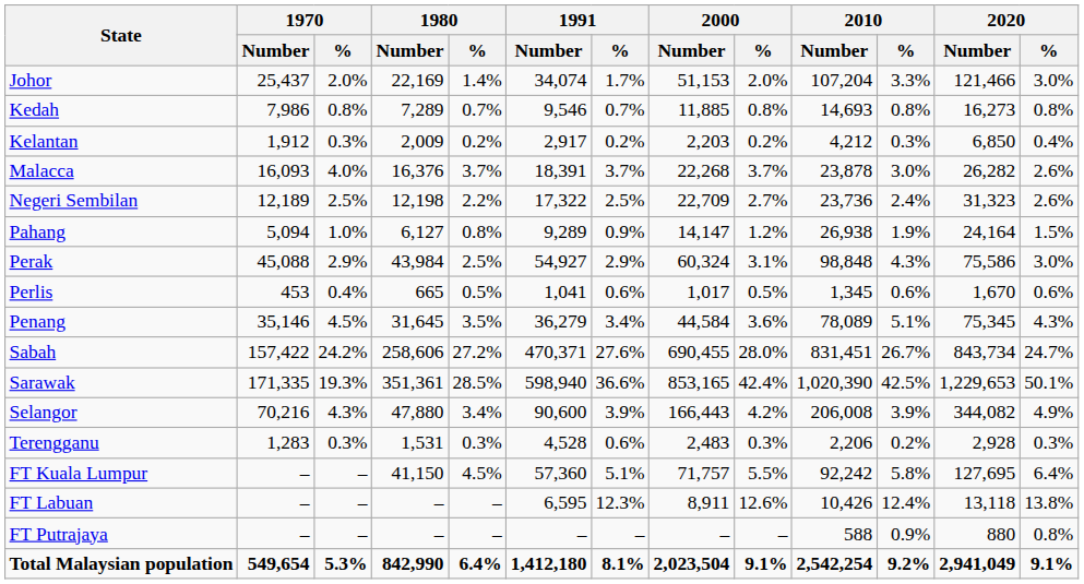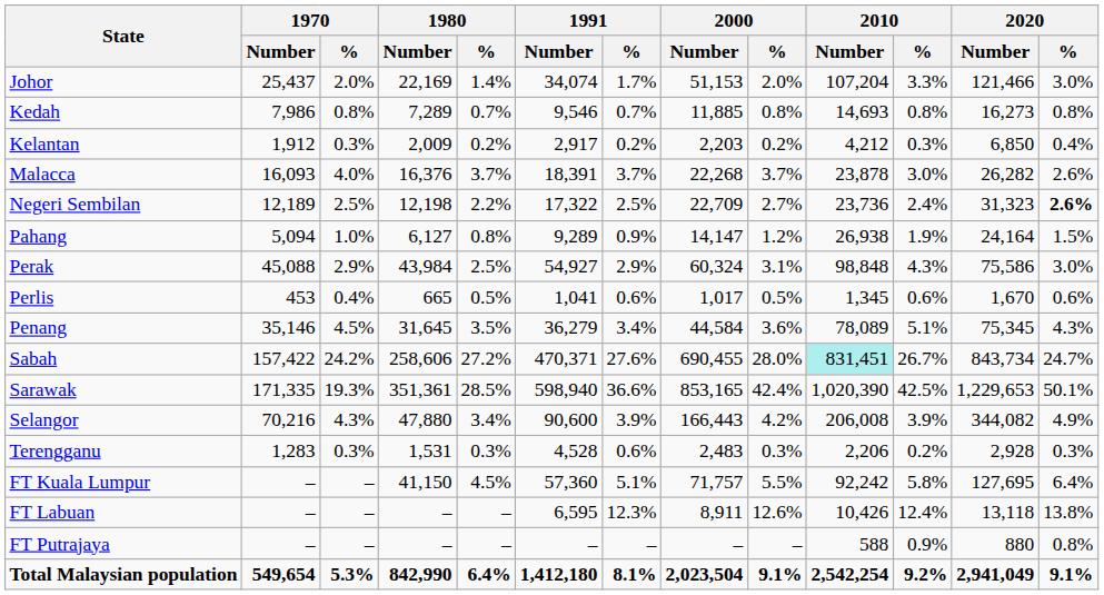 <table class="wikitable sortable">
 <tr>
 <th rowspan="2">State</th>
 <th colspan="2">1970</th>
 <th colspan="2">1980</th>
 <th colspan="2">1991</th>
 <th colspan="2">2000</th>
 <th colspan="2">2010</th>
 <th colspan="2">2020</th>
 </tr>
 <tr>
 <th>Number</th>
 <th>%</th>
 <th>Number</th>
 <th>%</th>
 <th>Number</th>
 <th>%</th>
 <th>Number</th>
 <th>%</th>
 <th>Number</th>
 <th>%</th>
 <th>Number</th>
 <th>%</th>
 </tr>
 <tr>
 <td><a href='#'>Johor</a></td>
 <td align="right">25,437</td>
 <td align=right>2.0%</td>
 <td align=right>22,169</td>
 <td align=right>1.4%</td>
 <td align=right>34,074</td>
 <td align=right>1.7%</td>
 <td align=right>51,153</td>
 <td align=right>2.0%</td>
 <td align=right>107,204</td>
 <td align=right>3.3%</td>
 <td align=right>121,466</td>
 <td align=right>3.0%</td>
 </tr>
 <tr>
 <td><a href='#'>Kedah</a></td>
 <td align="right">7,986</td>
 <td align=right>0.8%</td>
 <td align=right>7,289</td>
 <td align=right>0.7%</td>
 <td align=right>9,546</td>
 <td align=right>0.7%</td>
 <td align=right>11,885</td>
 <td align=right>0.8%</td>
 <td align=right>14,693</td>
 <td align=right>0.8%</td>
 <td align=right>16,273</td>
 <td align=right>0.8%</td>
 </tr>
 <tr>
 <td><a href='#'>Kelantan</a></td>
 <td align="right">1,912</td>
 <td align=right>0.3%</td>
 <td align=right>2,009</td>
 <td align=right>0.2%</td>
 <td align=right>2,917</td>
 <td align=right>0.2%</td>
 <td align=right>2,203</td>
 <td align=right>0.2%</td>
 <td align=right>4,212</td>
 <td align=right>0.3%</td>
 <td align=right>6,850</td>
 <td align=right>0.4%</td>
 </tr>
 <tr>
 <td><a href='#'>Malacca</a></td>
 <td align="right">16,093</td>
 <td align=right>4.0%</td>
 <td align=right>16,376</td>
 <td align=right>3.7%</td>
 <td align=right>18,391</td>
 <td align=right>3.7%</td>
 <td align=right>22,268</td>
 <td align=right>3.7%</td>
 <td align=right>23,878</td>
 <td align=right>3.0%</td>
 <td align=right>26,282</td>
 <td align=right>2.6%</td>
 </tr>
 <tr>
 <td><a href='#'>Negeri Sembilan</a></td>
 <td align="right">12,189</td>
 <td align=right>2.5%</td>
 <td align=right>12,198</td>
 <td align=right>2.2%</td>
 <td align=right>17,322</td>
 <td align=right>2.5%</td>
 <td align=right>22,709</td>
 <td align=right>2.7%</td>
 <td align=right>23,736</td>
 <td align=right>2.4%</td>
 <td align=right>31,323</td>
-<td align=right>2.6%</td>
+<td align=right><strong>2.6%</strong></td>
 </tr>
 <tr>
 <td><a href='#'>Pahang</a></td>
 <td align="right">5,094</td>
 <td align=right>1.0%</td>
 <td align=right>6,127</td>
 <td align=right>0.8%</td>
 <td align=right>9,289</td>
 <td align=right>0.9%</td>
 <td align=right>14,147</td>
 <td align=right>1.2%</td>
 <td align=right>26,938</td>
 <td align=right>1.9%</td>
 <td align=right>24,164</td>
 <td align=right>1.5%</td>
 </tr>
 <tr>
 <td><a href='#'>Perak</a></td>
 <td align="right">45,088</td>
 <td align=right>2.9%</td>
 <td align=right>43,984</td>
 <td align=right>2.5%</td>
 <td align=right>54,927</td>
 <td align=right>2.9%</td>
 <td align=right>60,324</td>
 <td align=right>3.1%</td>
 <td align=right>98,848</td>
 <td align=right>4.3%</td>
 <td align=right>75,586</td>
 <td align=right>3.0%</td>
 </tr>
 <tr>
 <td><a href='#'>Perlis</a></td>
 <td align="right">453</td>
 <td align=right>0.4%</td>
 <td align=right>665</td>
 <td align=right>0.5%</td>
 <td align=right>1,041</td>
 <td align=right>0.6%</td>
 <td align=right>1,017</td>
 <td align=right>0.5%</td>
 <td align=right>1,345</td>
 <td align=right>0.6%</td>
 <td align=right>1,670</td>
 <td align=right>0.6%</td>
 </tr>
 <tr>
 <td><a href='#'>Penang</a></td>
 <td align="right">35,146</td>
 <td align=right>4.5%</td>
 <td align=right>31,645</td>
 <td align=right>3.5%</td>
 <td align=right>36,279</td>
 <td align=right>3.4%</td>
 <td align=right>44,584</td>
 <td align=right>3.6%</td>
 <td align=right>78,089</td>
 <td align=right>5.1%</td>
 <td align=right>75,345</td>
 <td align=right>4.3%</td>
 </tr>
 <tr>
 <td><a href='#'>Sabah</a></td>
 <td align="right">157,422</td>
 <td align=right>24.2%</td>
 <td align=right>258,606</td>
 <td align=right>27.2%</td>
 <td align=right>470,371</td>
 <td align=right>27.6%</td>
 <td align=right>690,455</td>
 <td align=right>28.0%</td>
-<td align=right>831,451</td>
+<td align=right style="background: paleturquoise;">831,451</td>
 <td align=right>26.7%</td>
 <td align=right>843,734</td>
 <td align=right>24.7%</td>
 </tr>
 <tr>
 <td><a href='#'>Sarawak</a></td>
 <td align="right">171,335</td>
 <td align=right>19.3%</td>
 <td align=right>351,361</td>
 <td align=right>28.5%</td>
 <td align=right>598,940</td>
 <td align=right>36.6%</td>
 <td align=right>853,165</td>
 <td align=right>42.4%</td>
 <td align=right>1,020,390</td>
 <td align=right>42.5%</td>
 <td align=right>1,229,653</td>
 <td align=right>50.1%</td>
 </tr>
 <tr>
 <td><a href='#'>Selangor</a></td>
 <td align="right">70,216</td>
 <td align=right>4.3%</td>
 <td align=right>47,880</td>
 <td align=right>3.4%</td>
 <td align=right>90,600</td>
 <td align=right>3.9%</td>
 <td align=right>166,443</td>
 <td align=right>4.2%</td>
 <td align=right>206,008</td>
 <td align=right>3.9%</td>
 <td align=right>344,082</td>
 <td align=right>4.9%</td>
 </tr>
 <tr>
 <td><a href='#'>Terengganu</a></td>
 <td align="right">1,283</td>
 <td align=right>0.3%</td>
 <td align=right>1,531</td>
 <td align=right>0.3%</td>
 <td align=right>4,528</td>
 <td align=right>0.6%</td>
 <td align=right>2,483</td>
 <td align=right>0.3%</td>
 <td align=right>2,206</td>
 <td align=right>0.2%</td>
 <td align=right>2,928</td>
 <td align=right>0.3%</td>
 </tr>
 <tr>
 <td><a href='#'>FT Kuala Lumpur</a></td>
 <td align="right">–</td>
 <td align=right>–</td>
 <td align=right>41,150</td>
 <td align=right>4.5%</td>
 <td align=right>57,360</td>
 <td align=right>5.1%</td>
 <td align=right>71,757</td>
 <td align=right>5.5%</td>
 <td align=right>92,242</td>
 <td align=right>5.8%</td>
 <td align=right>127,695</td>
 <td align=right>6.4%</td>
 </tr>
 <tr>
 <td><a href='#'>FT Labuan</a></td>
 <td align="right">–</td>
 <td align=right>–</td>
 <td align=right>–</td>
 <td align=right>–</td>
 <td align=right>6,595</td>
 <td align=right>12.3%</td>
 <td align=right>8,911</td>
 <td align=right>12.6%</td>
 <td align=right>10,426</td>
 <td align=right>12.4%</td>
 <td align=right>13,118</td>
 <td align=right>13.8%</td>
 </tr>
 <tr>
 <td><a href='#'>FT Putrajaya</a></td>
 <td align="right">–</td>
 <td align=right>–</td>
 <td align=right>–</td>
 <td align=right>–</td>
 <td align=right>–</td>
 <td align=right>–</td>
 <td align=right>–</td>
 <td align=right>–</td>
 <td align=right>588</td>
 <td align=right>0.9%</td>
 <td align=right>880</td>
 <td align=right>0.8%</td>
 </tr>
 <tr>
 <td><strong>Total Malaysian population</strong></td>
 <td align="right"><strong>549,654</strong></td>
 <td align=right><strong>5.3%</strong></td>
 <td align=right><strong>842,990</strong></td>
 <td align=right><strong>6.4%</strong></td>
 <td align=right><strong>1,412,180</strong></td>
 <td align=right><strong>8.1%</strong></td>
 <td align=right><strong>2,023,504</strong></td>
 <td align=right><strong>9.1%</strong></td>
 <td align=right><strong>2,542,254</strong></td>
 <td align=right><strong>9.2%</strong></td>
 <td align=right><strong>2,941,049</strong></td>
 <td align=right><strong>9.1%</strong></td>
 </tr>
 </table>
